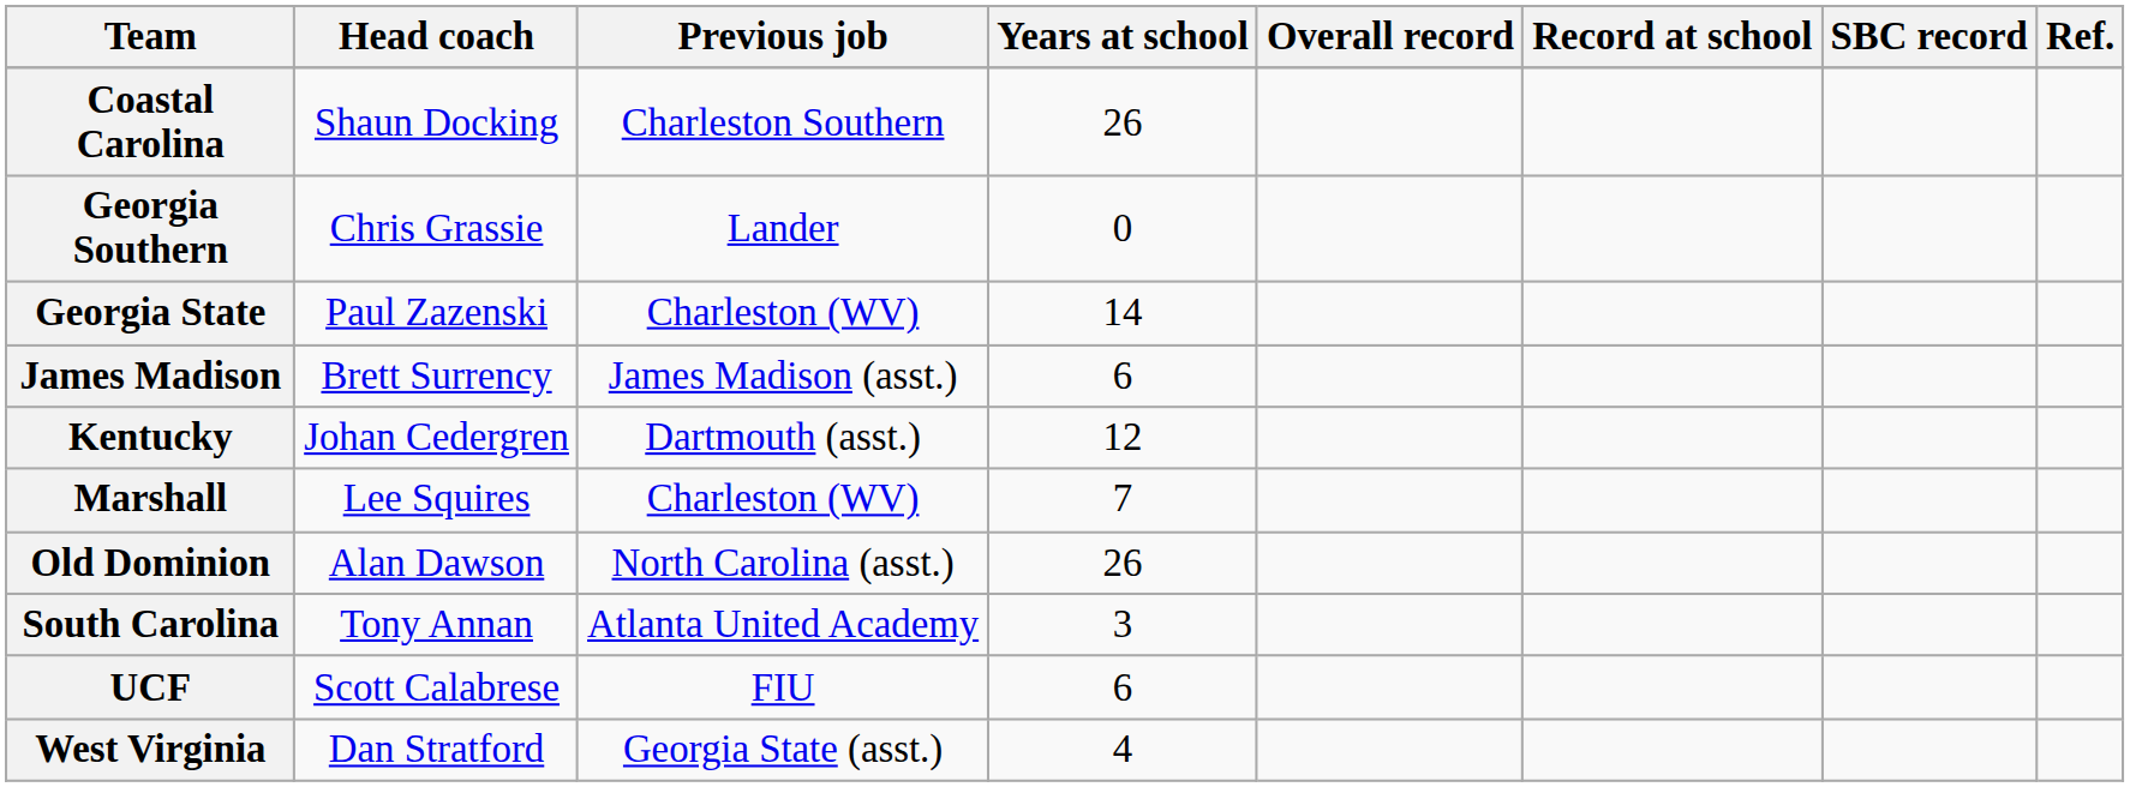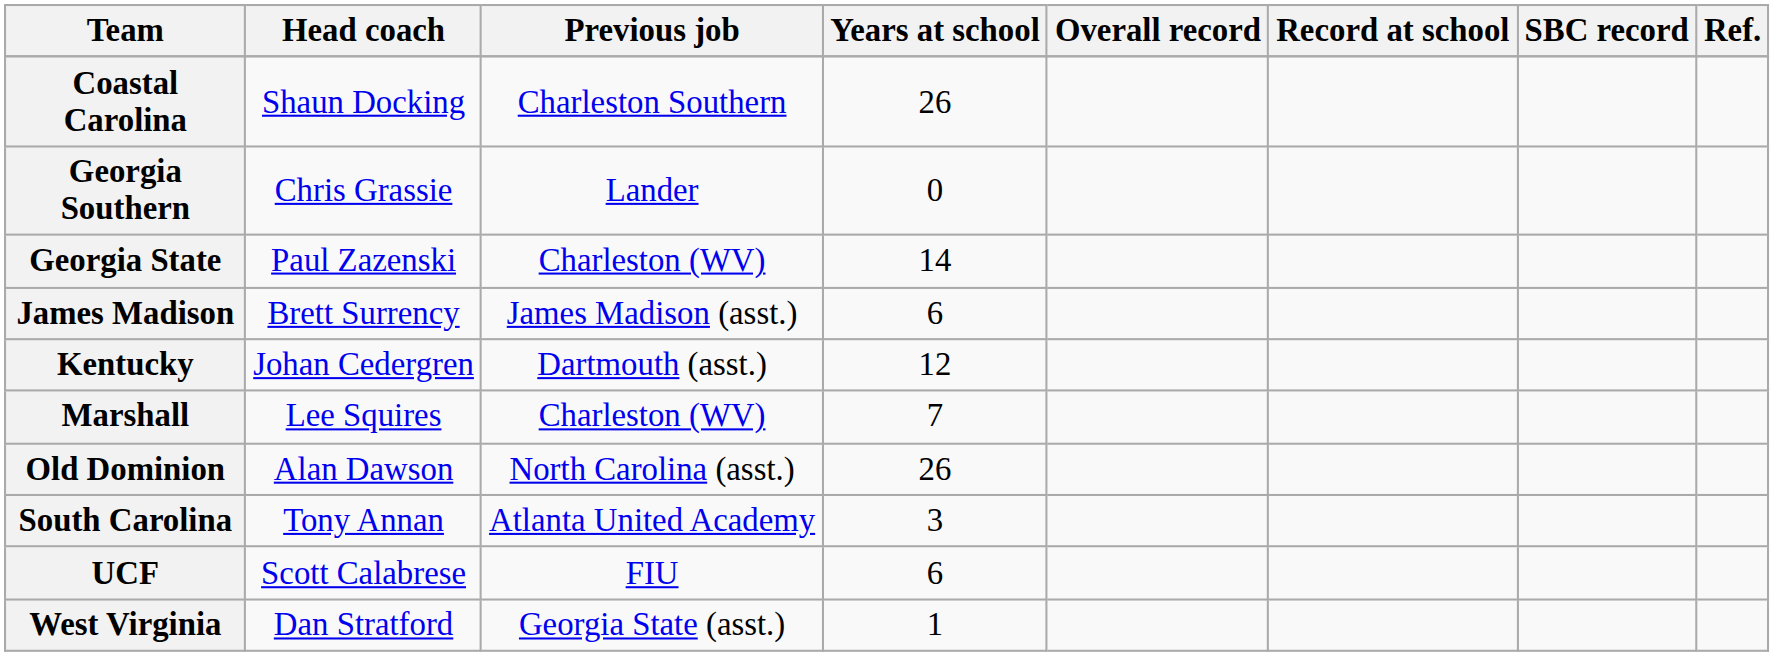 <table class="wikitable sortable" style="text-align: center;">
 <tr>
 <th style="width:110px;">Team</th>
 <th>Head coach</th>
 <th>Previous job</th>
 <th>Years at school</th>
 <th>Overall record</th>
 <th>Record at school</th>
 <th>SBC record</th>
 <th class="unsortable">Ref.</th>
 </tr>
 <tr>
 </tr>
 <tr>
 <th>Coastal Carolina</th>
 <td><a href='#'>Shaun Docking</a></td>
 <td><a href='#'>Charleston Southern</a></td>
 <td>26</td>
 <td></td>
 <td></td>
 <td></td>
 <td></td>
 </tr>
 <tr>
 <th>Georgia Southern</th>
 <td><a href='#'>Chris Grassie</a></td>
 <td><a href='#'>Lander</a></td>
 <td>0</td>
 <td></td>
 <td></td>
 <td></td>
 <td></td>
 </tr>
 <tr>
 <th>Georgia State</th>
 <td><a href='#'>Paul Zazenski</a></td>
 <td><a href='#'>Charleston (WV)</a></td>
 <td>14</td>
 <td></td>
 <td></td>
 <td></td>
 <td></td>
 </tr>
 <tr>
 <th>James Madison</th>
 <td><a href='#'>Brett Surrency</a></td>
 <td><a href='#'>James Madison</a> (asst.)</td>
 <td>6</td>
 <td></td>
 <td></td>
 <td></td>
 <td></td>
 </tr>
 <tr>
 <th>Kentucky</th>
 <td><a href='#'>Johan Cedergren</a></td>
 <td><a href='#'>Dartmouth</a> (asst.)</td>
 <td>12</td>
 <td></td>
 <td></td>
 <td></td>
 <td></td>
 </tr>
 <tr>
 <th>Marshall</th>
 <td><a href='#'>Lee Squires</a></td>
 <td><a href='#'>Charleston (WV)</a></td>
 <td>7</td>
 <td></td>
 <td></td>
 <td></td>
 <td></td>
 </tr>
 <tr>
 <th>Old Dominion</th>
 <td><a href='#'>Alan Dawson</a></td>
 <td><a href='#'>North Carolina</a> (asst.)</td>
 <td>26</td>
 <td></td>
 <td></td>
 <td></td>
 <td></td>
 </tr>
 <tr>
 <th>South Carolina</th>
 <td><a href='#'>Tony Annan</a></td>
 <td><a href='#'>Atlanta United Academy</a></td>
 <td>3</td>
 <td></td>
 <td></td>
 <td></td>
 <td></td>
 </tr>
 <tr>
 <th>UCF</th>
 <td><a href='#'>Scott Calabrese</a></td>
 <td><a href='#'>FIU</a></td>
 <td>6</td>
 <td></td>
 <td></td>
 <td></td>
 <td></td>
 </tr>
 <tr>
 <th>West Virginia</th>
 <td><a href='#'>Dan Stratford</a></td>
 <td><a href='#'>Georgia State</a> (asst.)</td>
-<td>4</td>
+<td>1</td>
 <td></td>
 <td></td>
 <td></td>
 <td></td>
 </tr>
 </table>
